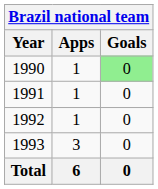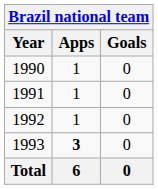 <table class="wikitable" style="text-align:center">
 <tr>
 <th colspan=3><a href='#'>Brazil national team</a></th>
 </tr>
 <tr>
 <th>Year</th>
 <th>Apps</th>
 <th>Goals</th>
 </tr>
 <tr>
 <td>1990</td>
 <td>1</td>
-<td style="background: lightgreen;">0</td>
+<td>0</td>
 </tr>
 <tr>
 <td>1991</td>
 <td>1</td>
 <td>0</td>
 </tr>
 <tr>
 <td>1992</td>
 <td>1</td>
 <td>0</td>
 </tr>
 <tr>
 <td>1993</td>
-<td>3</td>
+<td><strong>3</strong></td>
 <td>0</td>
 </tr>
 <tr>
 <th>Total</th>
 <th>6</th>
 <th>0</th>
 </tr>
 </table>
